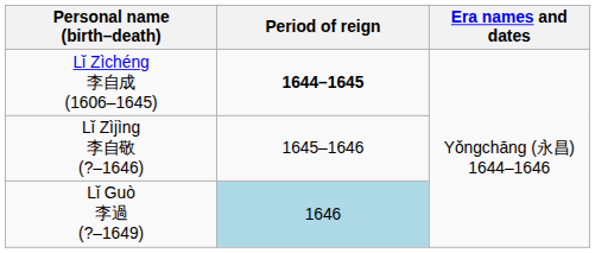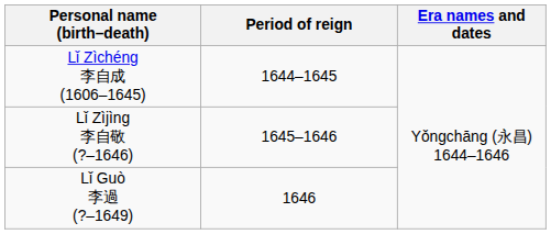 <table class="wikitable" style="text-align:center;">
 <tr>
 <th width="200">Personal name<br>(birth–death)</th>
 <th width="200">Period of reign</th>
 <th width="150"><a href='#'>Era names</a> and dates</th>
 </tr>
 <tr>
 <td><a href='#'>Lǐ Zìchéng</a><br>李自成<br>(1606–1645)</td>
-<td><strong>1644–1645</strong></td>
+<td>1644–1645</td>
 <td rowspan=3><br>Yǒngchāng (永昌) 1644–1646</td>
 </tr>
 <tr>
 <td>Lǐ Zìjìng<br>李自敬<br>(?–1646)</td>
 <td>1645–1646</td>
 </tr>
 <tr>
 <td>Lǐ Guò<br>李過<br>(?–1649)</td>
-<td style="background: lightblue;">1646</td>
+<td>1646</td>
 </tr>
 </table>
